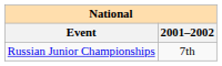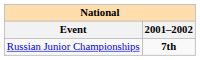 <table class="wikitable" style="text-align:center">
 <tr>
 <th style="background-color: #ffdead; " colspan=2 align=center>National</th>
 </tr>
 <tr>
 <th>Event</th>
 <th>2001–2002</th>
 </tr>
 <tr>
 <td align=left><a href='#'>Russian Junior Championships</a></td>
-<td>7th</td>
+<td><strong>7th</strong></td>
 </tr>
 </table>
